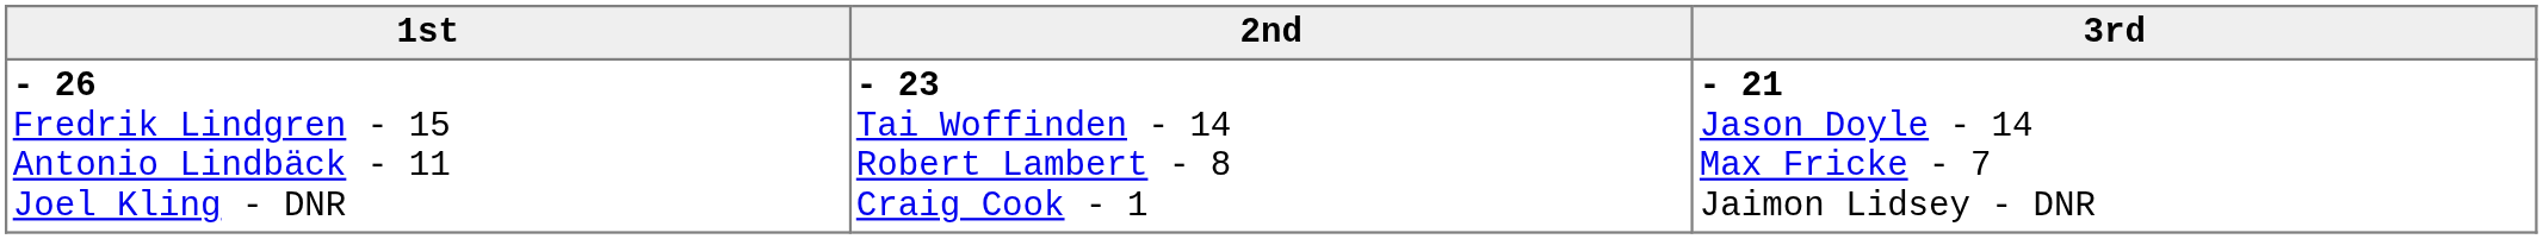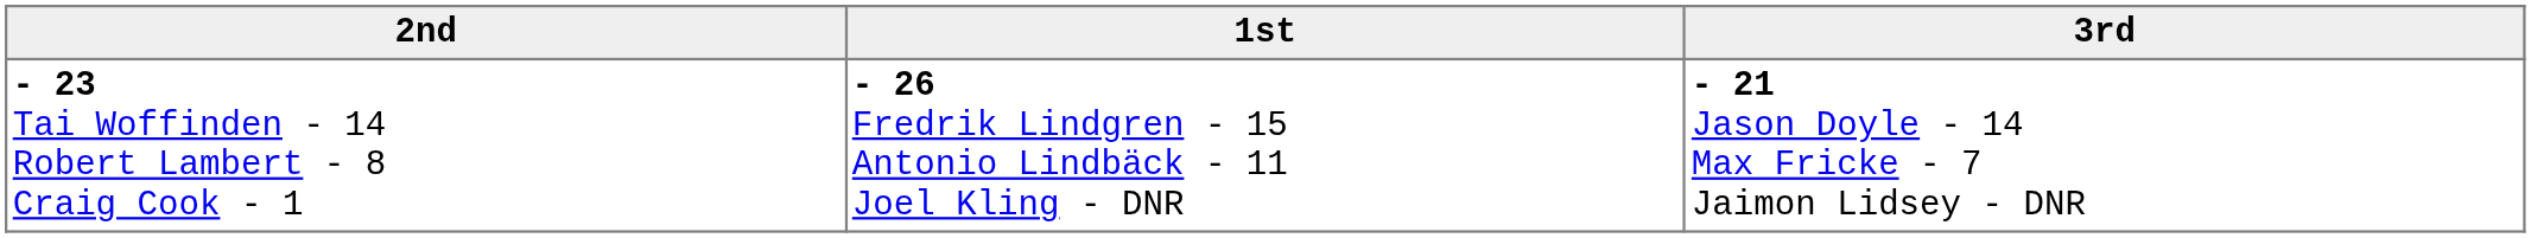 <table border="1" cellpadding="2" cellspacing="0"  style="width:75%; border-collapse:collapse;">
 <tr style="text-align:left; background:#efefef;">
+<th width=15% align=center >2nd</th>
 <th width=15% align=center >1st</th>
-<th width=15% align=center >2nd</th>
 <th width=15% align=center >3rd</th>
 </tr>
 <tr align=left>
+<td valign=top align=left ><strong> - 23</strong><br><a href='#'>Tai Woffinden</a> - 14<br><a href='#'>Robert Lambert</a> - 8<br><a href='#'>Craig Cook</a> - 1</td>
 <td valign=top align=left ><strong> - 26</strong><br><a href='#'>Fredrik Lindgren</a> - 15<br><a href='#'>Antonio Lindbäck</a> - 11<br><a href='#'>Joel Kling</a> - DNR</td>
-<td valign=top align=left ><strong> - 23</strong><br><a href='#'>Tai Woffinden</a> - 14<br><a href='#'>Robert Lambert</a> - 8<br><a href='#'>Craig Cook</a> - 1</td>
 <td valign=top align=left ><strong> - 21</strong><br><a href='#'>Jason Doyle</a> - 14<br><a href='#'>Max Fricke</a> - 7<br>Jaimon Lidsey - DNR</td>
 </tr>
 </table>
